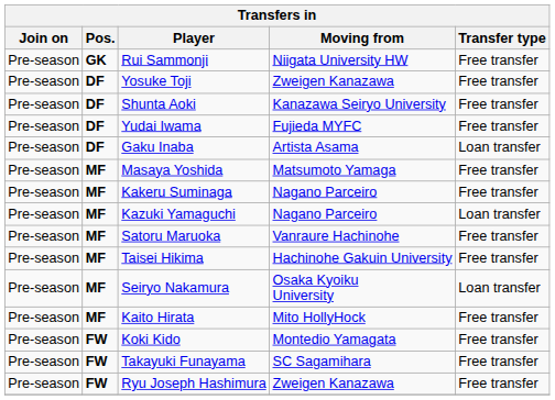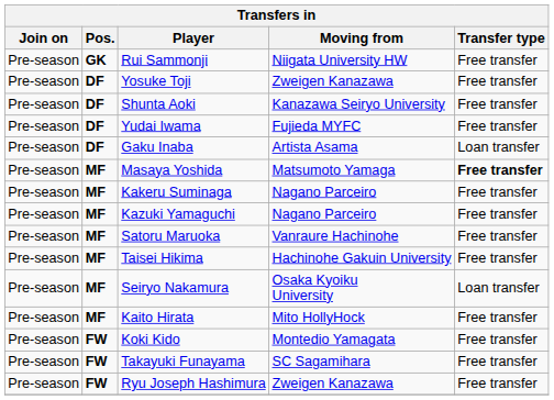 <table class="wikitable sortable" style=“text-align:left;>
 <tr>
 <th colspan="5">Transfers in</th>
 </tr>
 <tr>
 <th>Join on</th>
 <th>Pos.</th>
 <th>Player</th>
 <th>Moving from</th>
 <th>Transfer type</th>
 </tr>
 <tr>
 <td>Pre-season</td>
 <td><strong>GK</strong></td>
 <td> <a href='#'>Rui Sammonji</a></td>
 <td> <a href='#'>Niigata University HW</a></td>
 <td>Free transfer</td>
 </tr>
 <tr>
 <td>Pre-season</td>
 <td><strong>DF</strong></td>
 <td> <a href='#'>Yosuke Toji</a></td>
 <td> <a href='#'>Zweigen Kanazawa</a></td>
 <td>Free transfer</td>
 </tr>
 <tr>
 <td>Pre-season</td>
 <td><strong>DF</strong></td>
 <td> <a href='#'>Shunta Aoki</a></td>
 <td> <a href='#'>Kanazawa Seiryo University</a></td>
 <td>Free transfer</td>
 </tr>
 <tr>
 <td>Pre-season</td>
 <td><strong>DF</strong></td>
 <td> <a href='#'>Yudai Iwama</a></td>
 <td> <a href='#'>Fujieda MYFC</a></td>
 <td>Free transfer</td>
 </tr>
 <tr>
 <td>Pre-season</td>
 <td><strong>DF</strong></td>
 <td> <a href='#'>Gaku Inaba</a></td>
 <td> <a href='#'>Artista Asama</a></td>
 <td>Loan transfer</td>
 </tr>
 <tr>
 <td>Pre-season</td>
 <td><strong>MF</strong></td>
 <td> <a href='#'>Masaya Yoshida</a></td>
 <td> <a href='#'>Matsumoto Yamaga</a></td>
-<td>Free transfer</td>
+<td><strong>Free transfer</strong></td>
 </tr>
 <tr>
 <td>Pre-season</td>
 <td><strong>MF</strong></td>
 <td> <a href='#'>Kakeru Suminaga</a></td>
 <td> <a href='#'>Nagano Parceiro</a></td>
 <td>Free transfer</td>
 </tr>
 <tr>
 <td>Pre-season</td>
 <td><strong>MF</strong></td>
 <td> <a href='#'>Kazuki Yamaguchi</a></td>
 <td> <a href='#'>Nagano Parceiro</a></td>
-<td>Loan transfer</td>
+<td>Free transfer</td>
 </tr>
 <tr>
 <td>Pre-season</td>
 <td><strong>MF</strong></td>
 <td> <a href='#'>Satoru Maruoka</a></td>
 <td> <a href='#'>Vanraure Hachinohe</a></td>
 <td>Free transfer</td>
 </tr>
 <tr>
 <td>Pre-season</td>
 <td><strong>MF</strong></td>
 <td> <a href='#'>Taisei Hikima</a></td>
 <td> <a href='#'>Hachinohe Gakuin University</a></td>
 <td>Free transfer</td>
 </tr>
 <tr>
 <td>Pre-season</td>
 <td><strong>MF</strong></td>
 <td> <a href='#'>Seiryo Nakamura</a></td>
 <td> <a href='#'>Osaka Kyoiku<br>University</a></td>
 <td>Loan transfer</td>
 </tr>
 <tr>
 <td>Pre-season</td>
 <td><strong>MF</strong></td>
 <td> <a href='#'>Kaito Hirata</a></td>
 <td> <a href='#'>Mito HollyHock</a></td>
 <td>Free transfer</td>
 </tr>
 <tr>
 <td>Pre-season</td>
 <td><strong>FW</strong></td>
 <td> <a href='#'>Koki Kido</a></td>
 <td> <a href='#'>Montedio Yamagata</a></td>
 <td>Free transfer</td>
 </tr>
 <tr>
 <td>Pre-season</td>
 <td><strong>FW</strong></td>
 <td> <a href='#'>Takayuki Funayama</a></td>
 <td> <a href='#'>SC Sagamihara</a></td>
 <td>Free transfer</td>
 </tr>
 <tr>
 <td>Pre-season</td>
 <td><strong>FW</strong></td>
 <td> <a href='#'>Ryu Joseph Hashimura</a></td>
 <td> <a href='#'>Zweigen Kanazawa</a></td>
 <td>Free transfer</td>
 </tr>
 <tr>
 </tr>
 </table>
